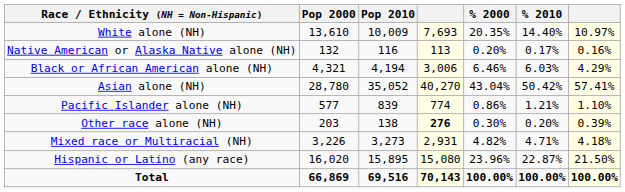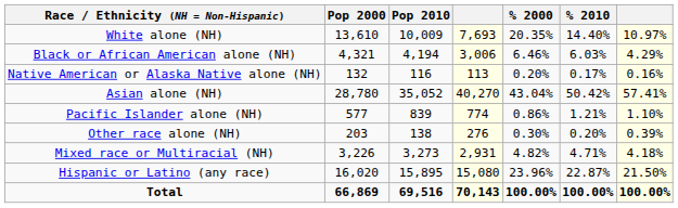 <table class="wikitable" style="text-align:center;">
 <tr>
 <th>Race / Ethnicity <small>(<em>NH = Non-Hispanic</em>)</small></th>
 <th>Pop 2000</th>
 <th>Pop 2010</th>
 <th></th>
 <th>% 2000</th>
 <th>% 2010</th>
 <th></th>
 </tr>
 <tr>
 <td><a href='#'>White</a> alone (NH)</td>
 <td>13,610</td>
 <td>10,009</td>
 <td style='background: #ffffe6;'>7,693</td>
 <td>20.35%</td>
 <td>14.40%</td>
 <td style='background: #ffffe6;'>10.97%</td>
 </tr>
 <tr>
+<td><a href='#'>Black or African American</a> alone (NH)</td>
+<td>4,321</td>
+<td>4,194</td>
+<td style='background: #ffffe6;'>3,006</td>
+<td>6.46%</td>
+<td>6.03%</td>
+<td style='background: #ffffe6;'>4.29%</td>
+</tr>
+<tr>
 <td><a href='#'>Native American</a> or <a href='#'>Alaska Native</a> alone (NH)</td>
 <td>132</td>
 <td>116</td>
 <td style='background: #ffffe6;'>113</td>
 <td>0.20%</td>
 <td>0.17%</td>
 <td style='background: #ffffe6;'>0.16%</td>
-</tr>
-<tr>
-<td><a href='#'>Black or African American</a> alone (NH)</td>
-<td>4,321</td>
-<td>4,194</td>
-<td style='background: #ffffe6;'>3,006</td>
-<td>6.46%</td>
-<td>6.03%</td>
-<td style='background: #ffffe6;'>4.29%</td>
 </tr>
 <tr>
 <td><a href='#'>Asian</a> alone (NH)</td>
 <td>28,780</td>
 <td>35,052</td>
 <td style='background: #ffffe6;'>40,270</td>
 <td>43.04%</td>
 <td>50.42%</td>
 <td style='background: #ffffe6;'>57.41%</td>
 </tr>
 <tr>
 <td><a href='#'>Pacific Islander</a> alone (NH)</td>
 <td>577</td>
 <td>839</td>
 <td style='background: #ffffe6;'>774</td>
 <td>0.86%</td>
 <td>1.21%</td>
 <td style='background: #ffffe6;'>1.10%</td>
 </tr>
 <tr>
 <td><a href='#'>Other race</a> alone (NH)</td>
 <td>203</td>
 <td>138</td>
-<td style='background: #ffffe6;'><strong>276</strong></td>
+<td style='background: #ffffe6;'>276</td>
 <td>0.30%</td>
 <td>0.20%</td>
 <td style='background: #ffffe6;'>0.39%</td>
 </tr>
 <tr>
 <td><a href='#'>Mixed race or Multiracial</a> (NH)</td>
 <td>3,226</td>
 <td>3,273</td>
 <td style='background: #ffffe6;'>2,931</td>
 <td>4.82%</td>
 <td>4.71%</td>
 <td style='background: #ffffe6;'>4.18%</td>
 </tr>
 <tr>
 <td><a href='#'>Hispanic or Latino</a> (any race)</td>
 <td>16,020</td>
 <td>15,895</td>
 <td style='background: #ffffe6;'>15,080</td>
 <td>23.96%</td>
 <td>22.87%</td>
 <td style='background: #ffffe6;'>21.50%</td>
 </tr>
 <tr>
 <td><strong>Total</strong></td>
 <td><strong>66,869</strong></td>
 <td><strong>69,516</strong></td>
 <td style='background: #ffffe6;'><strong>70,143</strong></td>
 <td><strong>100.00%</strong></td>
 <td><strong>100.00%</strong></td>
 <td style='background: #ffffe6;'><strong>100.00%</strong></td>
 </tr>
 </table>
